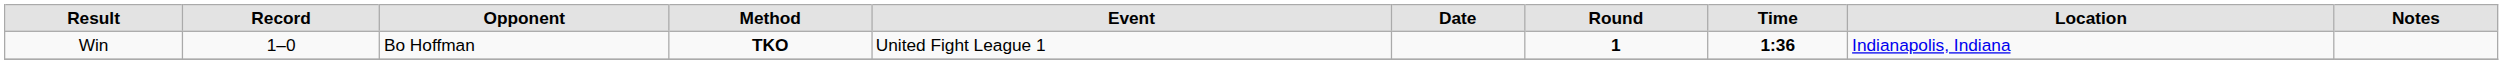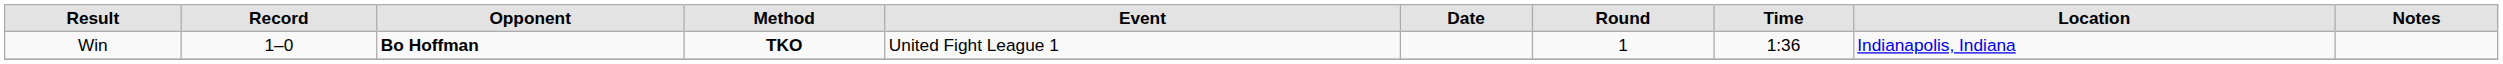 <table style='font-size: 85%; text-align: left;' class='wikitable sortable' width='99%'>
 <tr>
 <th style='border-style: none none solid solid; background: #e3e3e3'>Result</th>
 <th style='border-style: none none solid solid; background: #e3e3e3'>Record</th>
 <th style='border-style: none none solid solid; background: #e3e3e3'><strong>Opponent</strong></th>
 <th style='border-style: none none solid solid; background: #e3e3e3'><strong>Method</strong></th>
 <th style='border-style: none none solid solid; background: #e3e3e3'><strong>Event</strong></th>
 <th style='border-style: none none solid solid; background: #e3e3e3'><strong>Date</strong></th>
 <th style='border-style: none none solid solid; background: #e3e3e3'><strong>Round</strong></th>
 <th style='border-style: none none solid solid; background: #e3e3e3'><strong>Time</strong></th>
 <th style='border-style: none none solid solid; background: #e3e3e3'><strong>Location</strong></th>
 <th style='border-style: none none solid solid; background: #e3e3e3'><strong>Notes</strong></th>
 </tr>
 <tr align=center>
 <td>Win</td>
 <td>1–0</td>
-<td align='left'>Bo Hoffman</td>
+<td align='left'><strong>Bo Hoffman</strong></td>
 <td align='center'><strong>TKO</strong></td>
 <td align='left'>United Fight League 1</td>
 <td align='left'></td>
-<td align='center'><strong>1</strong></td>
-<td align='center'><strong>1:36</strong></td>
+<td align='center'>1</td>
+<td align='center'>1:36</td>
 <td align='left'><a href='#'>Indianapolis, Indiana</a></td>
 <td></td>
 </tr>
 <tr>
 </tr>
 </table>
